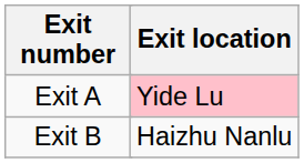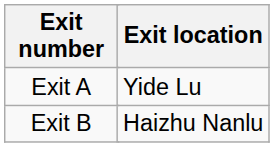 <table class="wikitable">
 <tr>
 <th style="width:70px" colspan="2">Exit number</th>
 <th>Exit location</th>
 </tr>
 <tr>
 <td align="center" colspan="2">Exit A</td>
-<td style="background: pink;">Yide Lu</td>
+<td>Yide Lu</td>
 </tr>
 <tr>
 <td align="center" colspan="2">Exit B</td>
 <td>Haizhu Nanlu</td>
 </tr>
 </table>
